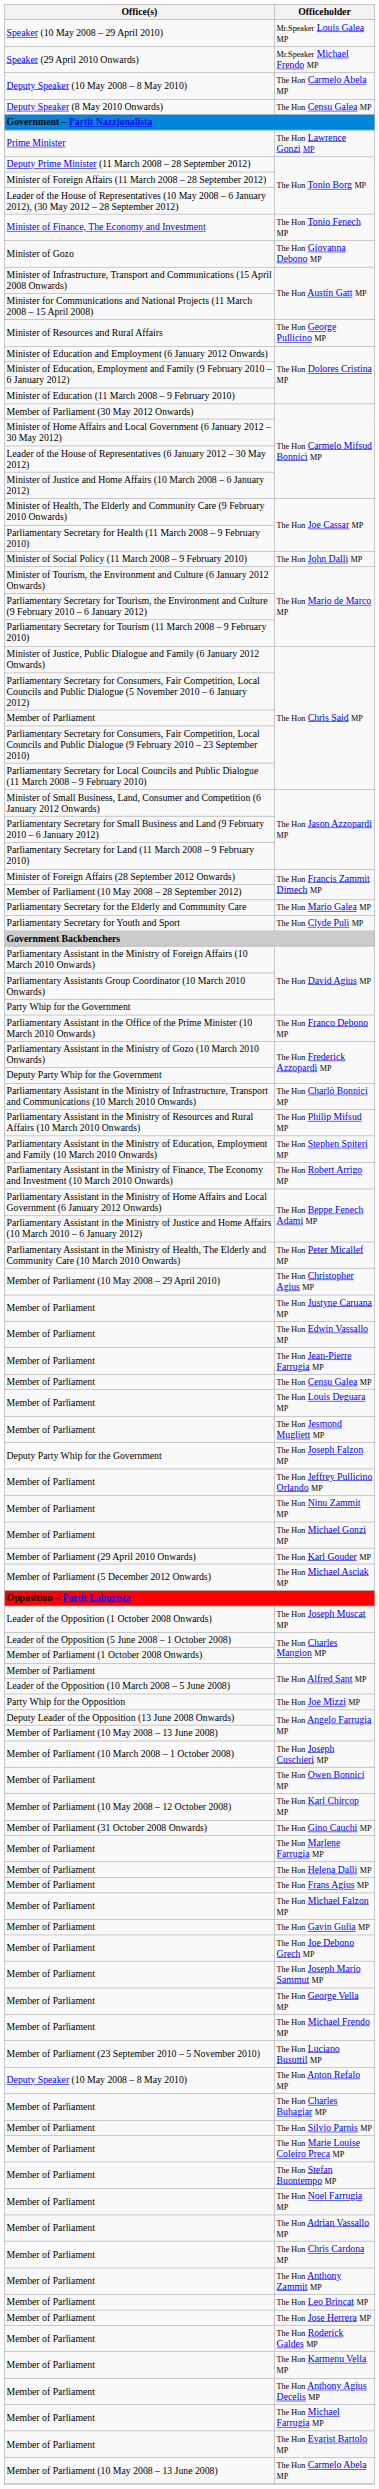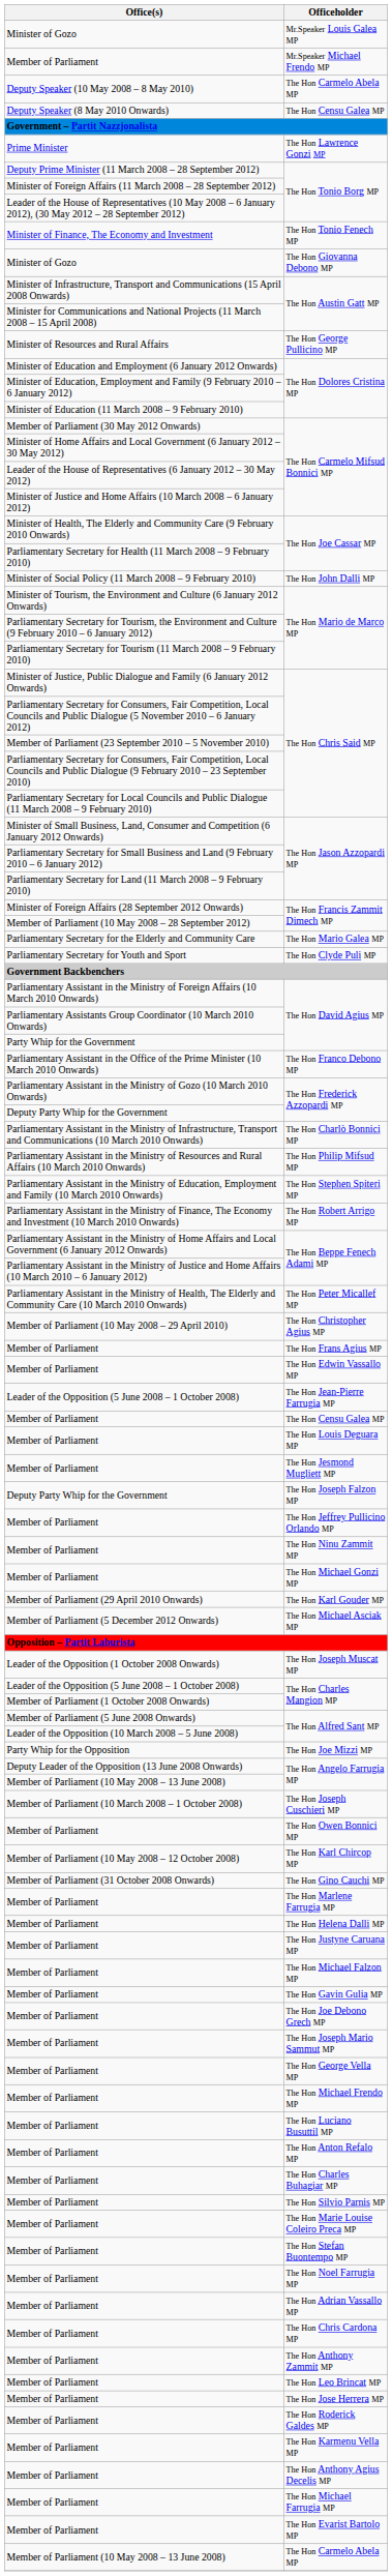 <table class="wikitable">
 <tr>
 <th>Office(s)</th>
 <th>Officeholder</th>
 </tr>
 <tr>
-<td><a href='#'>Speaker</a> (10 May 2008 – 29 April 2010)</td>
+<td>Minister of Gozo</td>
 <td rowspan="1"><small>Mr.Speaker</small> <a href='#'>Louis Galea</a> <small>MP</small></td>
 </tr>
 <tr>
-<td><a href='#'>Speaker</a> (29 April 2010 Onwards)</td>
+<td>Member of Parliament</td>
 <td rowspan="1"><small>Mr.Speaker</small> <a href='#'>Michael Frendo</a> <small>MP</small></td>
 </tr>
 <tr>
 <td><a href='#'>Deputy Speaker</a> (10 May 2008 – 8 May 2010)</td>
 <td rowspan="1"><small>The Hon</small> <a href='#'>Carmelo Abela</a> <small>MP</small></td>
 </tr>
 <tr>
 <td><a href='#'>Deputy Speaker</a> (8 May 2010 Onwards)</td>
 <td rowspan="1"><small>The Hon</small> <a href='#'>Censu Galea</a> <small>MP</small></td>
 </tr>
 <tr>
 <td style="background: #0087DC;" colspan="2"><strong>Government – <a href='#'>Partit Nazzjonalista</a></strong></td>
 </tr>
 <tr>
 <td><a href='#'>Prime Minister</a></td>
 <td rowspan="1"><small>The Hon</small> <a href='#'>Lawrence Gonzi</a> <small><a href='#'>MP</a></small></td>
 </tr>
 <tr>
 <td><a href='#'>Deputy Prime Minister</a> (11 March 2008 – 28 September 2012)</td>
 <td rowspan="3"><small>The Hon</small> <a href='#'>Tonio Borg</a> <small>MP</small></td>
 </tr>
 <tr>
 <td>Minister of Foreign Affairs (11 March 2008 – 28 September 2012)</td>
 </tr>
 <tr>
 <td>Leader of the House of Representatives (10 May 2008 – 6 January 2012), (30 May 2012 – 28 September 2012)</td>
 </tr>
 <tr>
 <td><a href='#'>Minister of Finance, The Economy and Investment</a></td>
 <td rowspan="1"><small>The Hon</small> <a href='#'>Tonio Fenech</a> <small>MP</small></td>
 </tr>
 <tr>
 <td>Minister of Gozo</td>
 <td rowspan="1"><small>The Hon</small> <a href='#'>Giovanna Debono</a> <small>MP</small></td>
 </tr>
 <tr>
 <td>Minister of Infrastructure, Transport and Communications (15 April 2008 Onwards)</td>
 <td rowspan="2"><small>The Hon</small> <a href='#'>Austin Gatt</a> <small>MP</small></td>
 </tr>
 <tr>
 <td>Minister for Communications and National Projects (11 March 2008 – 15 April 2008)</td>
 </tr>
 <tr>
 <td>Minister of Resources and Rural Affairs</td>
 <td rowspan="1"><small>The Hon</small> <a href='#'>George Pullicino</a> <small>MP</small></td>
 </tr>
 <tr>
 <td>Minister of Education and Employment (6 January 2012 Onwards)</td>
 <td rowspan="3"><small>The Hon</small> <a href='#'>Dolores Cristina</a> <small>MP</small></td>
 </tr>
 <tr>
 <td>Minister of Education, Employment and Family (9 February 2010 – 6 January 2012)</td>
 </tr>
 <tr>
 <td>Minister of Education (11 March 2008 – 9 February 2010)</td>
 </tr>
 <tr>
 <td>Member of Parliament (30 May 2012 Onwards)</td>
 <td rowspan="4"><small>The Hon</small> <a href='#'>Carmelo Mifsud Bonnici</a> <small>MP</small></td>
 </tr>
 <tr>
 <td>Minister of Home Affairs and Local Government (6 January 2012 – 30 May 2012)</td>
 </tr>
 <tr>
 <td>Leader of the House of Representatives (6 January 2012 – 30 May 2012)</td>
 </tr>
 <tr>
 <td>Minister of Justice and Home Affairs (10 March 2008 – 6 January 2012)</td>
 </tr>
 <tr>
 <td>Minister of Health, The Elderly and Community Care (9 February 2010 Onwards)</td>
 <td rowspan="2"><small>The Hon</small> <a href='#'>Joe Cassar</a> <small>MP</small></td>
 </tr>
 <tr>
 <td>Parliamentary Secretary for Health (11 March 2008 – 9 February 2010)</td>
 </tr>
 <tr>
 <td>Minister of Social Policy (11 March 2008 – 9 February 2010)</td>
 <td rowspan="1"><small>The Hon</small> <a href='#'>John Dalli</a> <small>MP</small></td>
 </tr>
 <tr>
 <td>Minister of Tourism, the Environment and Culture (6 January 2012 Onwards)</td>
 <td rowspan="3"><small>The Hon</small> <a href='#'>Mario de Marco</a> <small>MP</small></td>
 </tr>
 <tr>
 <td>Parliamentary Secretary for Tourism, the Environment and Culture (9 February 2010 – 6 January 2012)</td>
 </tr>
 <tr>
 <td>Parliamentary Secretary for Tourism (11 March 2008 – 9 February 2010)</td>
 </tr>
 <tr>
 <td>Minister of Justice, Public Dialogue and Family (6 January 2012 Onwards)</td>
 <td rowspan="5"><small>The Hon</small> <a href='#'>Chris Said</a> <small>MP</small></td>
 </tr>
 <tr>
 <td>Parliamentary Secretary for Consumers, Fair Competition, Local Councils and Public Dialogue (5 November 2010 – 6 January 2012)</td>
 </tr>
 <tr>
-<td>Member of Parliament</td>
+<td>Member of Parliament (23 September 2010 – 5 November 2010)</td>
 </tr>
 <tr>
 <td>Parliamentary Secretary for Consumers, Fair Competition, Local Councils and Public Dialogue (9 February 2010 – 23 September 2010)</td>
 </tr>
 <tr>
 <td>Parliamentary Secretary for Local Councils and Public Dialogue (11 March 2008 – 9 February 2010)</td>
 </tr>
 <tr>
 <td>Minister of Small Business, Land, Consumer and Competition (6 January 2012 Onwards)</td>
 <td rowspan="3"><small>The Hon</small> <a href='#'>Jason Azzopardi</a> <small>MP</small></td>
 </tr>
 <tr>
 <td>Parliamentary Secretary for Small Business and Land (9 February 2010 – 6 January 2012)</td>
 </tr>
 <tr>
 <td>Parliamentary Secretary for Land (11 March 2008 – 9 February 2010)</td>
 </tr>
 <tr>
 <td>Minister of Foreign Affairs (28 September 2012 Onwards)</td>
 <td rowspan="2"><small>The Hon</small> <a href='#'>Francis Zammit Dimech</a> <small>MP</small></td>
 </tr>
 <tr>
 <td>Member of Parliament (10 May 2008 – 28 September 2012)</td>
 </tr>
 <tr>
 <td>Parliamentary Secretary for the Elderly and Community Care</td>
 <td rowspan="1"><small>The Hon</small> <a href='#'>Mario Galea</a> <small>MP</small></td>
 </tr>
 <tr>
 <td>Parliamentary Secretary for Youth and Sport</td>
 <td rowspan="1"><small>The Hon</small> <a href='#'>Clyde Puli</a> <small>MP</small></td>
 </tr>
 <tr>
 <td style="background:#cccccc;" colspan="2"><strong>Government Backbenchers</strong></td>
 </tr>
 <tr>
 <td>Parliamentary Assistant in the Ministry of Foreign Affairs (10 March 2010 Onwards)</td>
 <td rowspan="3"><small>The Hon</small> <a href='#'>David Agius</a> <small>MP</small></td>
 </tr>
 <tr>
 <td>Parliamentary Assistants Group Coordinator (10 March 2010 Onwards)</td>
 </tr>
 <tr>
 <td>Party Whip for the Government</td>
 </tr>
 <tr>
 <td>Parliamentary Assistant in the Office of the Prime Minister (10 March 2010 Onwards)</td>
 <td rowspan="1"><small>The Hon</small> <a href='#'>Franco Debono</a> <small>MP</small></td>
 </tr>
 <tr>
 <td>Parliamentary Assistant in the Ministry of Gozo (10 March 2010 Onwards)</td>
 <td rowspan="2"><small>The Hon</small> <a href='#'>Frederick Azzopardi</a> <small>MP</small></td>
 </tr>
 <tr>
 <td>Deputy Party Whip for the Government</td>
 </tr>
 <tr>
 <td>Parliamentary Assistant in the Ministry of Infrastructure, Transport and Communications (10 March 2010 Onwards)</td>
 <td rowspan="1"><small>The Hon</small> <a href='#'>Charlò Bonnici</a> <small>MP</small></td>
 </tr>
 <tr>
 <td>Parliamentary Assistant in the Ministry of Resources and Rural Affairs (10 March 2010 Onwards)</td>
 <td rowspan="1"><small>The Hon</small> <a href='#'>Philip Mifsud</a> <small>MP</small></td>
 </tr>
 <tr>
 <td>Parliamentary Assistant in the Ministry of Education, Employment and Family (10 March 2010 Onwards)</td>
 <td rowspan="1"><small>The Hon</small> <a href='#'>Stephen Spiteri</a> <small>MP</small></td>
 </tr>
 <tr>
 <td>Parliamentary Assistant in the Ministry of Finance, The Economy and Investment (10 March 2010 Onwards)</td>
 <td rowspan="1"><small>The Hon</small> <a href='#'>Robert Arrigo</a> <small>MP</small></td>
 </tr>
 <tr>
 <td>Parliamentary Assistant in the Ministry of Home Affairs and Local Government (6 January 2012 Onwards)</td>
 <td rowspan="2"><small>The Hon</small> <a href='#'>Beppe Fenech Adami</a> <small>MP</small></td>
 </tr>
 <tr>
 <td>Parliamentary Assistant in the Ministry of Justice and Home Affairs (10 March 2010 – 6 January 2012)</td>
 </tr>
 <tr>
 <td>Parliamentary Assistant in the Ministry of Health, The Elderly and Community Care (10 March 2010 Onwards)</td>
 <td rowspan="1"><small>The Hon</small> <a href='#'>Peter Micallef</a> <small>MP</small></td>
 </tr>
 <tr>
 <td>Member of Parliament (10 May 2008 – 29 April 2010)</td>
 <td rowspan="1"><small>The Hon</small> <a href='#'>Christopher Agius</a> <small>MP</small></td>
 </tr>
 <tr>
 <td>Member of Parliament</td>
-<td rowspan="1"><small>The Hon</small> <a href='#'>Justyne Caruana</a> <small>MP</small></td>
+<td rowspan="1"><small>The Hon</small> <a href='#'>Frans Agius</a> <small>MP</small></td>
 </tr>
 <tr>
 <td>Member of Parliament</td>
 <td rowspan="1"><small>The Hon</small> <a href='#'>Edwin Vassallo</a> <small>MP</small></td>
 </tr>
 <tr>
-<td>Member of Parliament</td>
+<td>Leader of the Opposition (5 June 2008 – 1 October 2008)</td>
 <td rowspan="1"><small>The Hon</small> <a href='#'>Jean-Pierre Farrugia</a> <small>MP</small></td>
 </tr>
 <tr>
 <td>Member of Parliament</td>
 <td rowspan="1"><small>The Hon</small> <a href='#'>Censu Galea</a> <small>MP</small></td>
 </tr>
 <tr>
 <td>Member of Parliament</td>
 <td rowspan="1"><small>The Hon</small> <a href='#'>Louis Deguara</a> <small>MP</small></td>
 </tr>
 <tr>
 <td>Member of Parliament</td>
 <td rowspan="1"><small>The Hon</small> <a href='#'>Jesmond Mugliett</a> <small>MP</small></td>
 </tr>
 <tr>
 <td>Deputy Party Whip for the Government</td>
 <td rowspan="1"><small>The Hon</small> <a href='#'>Joseph Falzon</a> <small>MP</small></td>
 </tr>
 <tr>
 <td>Member of Parliament</td>
 <td rowspan="1"><small>The Hon</small> <a href='#'>Jeffrey Pullicino Orlando</a> <small>MP</small></td>
 </tr>
 <tr>
 <td>Member of Parliament</td>
 <td rowspan="1"><small>The Hon</small> <a href='#'>Ninu Zammit</a> <small>MP</small></td>
 </tr>
 <tr>
 <td>Member of Parliament</td>
 <td rowspan="1"><small>The Hon</small> <a href='#'>Michael Gonzi</a> <small>MP</small></td>
 </tr>
 <tr>
 <td>Member of Parliament (29 April 2010 Onwards)</td>
 <td rowspan="1"><small>The Hon</small> <a href='#'>Karl Gouder</a> <small>MP</small></td>
 </tr>
 <tr>
 <td>Member of Parliament (5 December 2012 Onwards)</td>
 <td rowspan="1"><small>The Hon</small> <a href='#'>Michael Asciak</a> <small>MP</small></td>
 </tr>
 <tr>
 <td style="background: #ff0000;" colspan="2"><strong>Opposition – <a href='#'>Partit Laburista</a></strong></td>
 </tr>
 <tr>
 <td>Leader of the Opposition (1 October 2008 Onwards)</td>
 <td rowspan="1"><small>The Hon</small> <a href='#'>Joseph Muscat</a> <small>MP</small></td>
 </tr>
 <tr>
 <td>Leader of the Opposition (5 June 2008 – 1 October 2008)</td>
 <td rowspan="2"><small>The Hon</small> <a href='#'>Charles Mangion</a> <small>MP</small></td>
 </tr>
 <tr>
 <td>Member of Parliament (1 October 2008 Onwards)</td>
 </tr>
 <tr>
-<td>Member of Parliament</td>
+<td>Member of Parliament (5 June 2008 Onwards)</td>
 <td rowspan="2"><small>The Hon</small> <a href='#'>Alfred Sant</a> <small>MP</small></td>
 </tr>
 <tr>
 <td>Leader of the Opposition (10 March 2008 – 5 June 2008)</td>
 </tr>
 <tr>
 <td>Party Whip for the Opposition</td>
 <td rowspan="1"><small>The Hon</small> <a href='#'>Joe Mizzi</a> <small>MP</small></td>
 </tr>
 <tr>
 <td>Deputy Leader of the Opposition (13 June 2008 Onwards)</td>
 <td rowspan="2"><small>The Hon</small> <a href='#'>Angelo Farrugia</a> <small>MP</small></td>
 </tr>
 <tr>
 <td>Member of Parliament (10 May 2008 – 13 June 2008)</td>
 </tr>
 <tr>
 <td>Member of Parliament (10 March 2008 – 1 October 2008)</td>
 <td rowspan="1"><small>The Hon</small> <a href='#'>Joseph Cuschieri</a> <small>MP</small></td>
 </tr>
 <tr>
 <td>Member of Parliament</td>
 <td rowspan="1"><small>The Hon</small> <a href='#'>Owen Bonnici</a> <small>MP</small></td>
 </tr>
 <tr>
 <td>Member of Parliament (10 May 2008 – 12 October 2008)</td>
 <td rowspan="1"><small>The Hon</small> <a href='#'>Karl Chircop</a> <small>MP</small></td>
 </tr>
 <tr>
 <td>Member of Parliament (31 October 2008 Onwards)</td>
 <td rowspan="1"><small>The Hon</small> <a href='#'>Gino Cauchi</a> <small>MP</small></td>
 </tr>
 <tr>
 <td>Member of Parliament</td>
 <td rowspan="1"><small>The Hon</small> <a href='#'>Marlene Farrugia</a> <small>MP</small></td>
 </tr>
 <tr>
 <td>Member of Parliament</td>
 <td rowspan="1"><small>The Hon</small> <a href='#'>Helena Dalli</a> <small>MP</small></td>
 </tr>
 <tr>
 <td>Member of Parliament</td>
-<td rowspan="1"><small>The Hon</small> <a href='#'>Frans Agius</a> <small>MP</small></td>
+<td rowspan="1"><small>The Hon</small> <a href='#'>Justyne Caruana</a> <small>MP</small></td>
 </tr>
 <tr>
 <td>Member of Parliament</td>
 <td rowspan="1"><small>The Hon</small> <a href='#'>Michael Falzon</a> <small>MP</small></td>
 </tr>
 <tr>
 <td>Member of Parliament</td>
 <td rowspan="1"><small>The Hon</small> <a href='#'>Gavin Gulia</a> <small>MP</small></td>
 </tr>
 <tr>
 <td>Member of Parliament</td>
 <td rowspan="1"><small>The Hon</small> <a href='#'>Joe Debono Grech</a> <small>MP</small></td>
 </tr>
 <tr>
 <td>Member of Parliament</td>
 <td rowspan="1"><small>The Hon</small> <a href='#'>Joseph Mario Sammut</a> <small>MP</small></td>
 </tr>
 <tr>
 <td>Member of Parliament</td>
 <td rowspan="1"><small>The Hon</small> <a href='#'>George Vella</a> <small>MP</small></td>
 </tr>
 <tr>
 <td>Member of Parliament</td>
 <td rowspan="1"><small>The Hon</small> <a href='#'>Michael Frendo</a> <small>MP</small></td>
 </tr>
 <tr>
-<td>Member of Parliament (23 September 2010 – 5 November 2010)</td>
+<td>Member of Parliament</td>
 <td rowspan="1"><small>The Hon</small> <a href='#'>Luciano Busuttil</a> <small>MP</small></td>
 </tr>
 <tr>
-<td><a href='#'>Deputy Speaker</a> (10 May 2008 – 8 May 2010)</td>
+<td>Member of Parliament</td>
 <td rowspan="1"><small>The Hon</small> <a href='#'>Anton Refalo</a> <small>MP</small></td>
 </tr>
 <tr>
 <td>Member of Parliament</td>
 <td rowspan="1"><small>The Hon</small> <a href='#'>Charles Buhagiar</a> <small>MP</small></td>
 </tr>
 <tr>
 <td>Member of Parliament</td>
 <td rowspan="1"><small>The Hon</small> <a href='#'>Silvio Parnis</a> <small>MP</small></td>
 </tr>
 <tr>
 <td>Member of Parliament</td>
 <td rowspan="1"><small>The Hon</small> <a href='#'>Marie Louise Coleiro Preca</a> <small>MP</small></td>
 </tr>
 <tr>
 <td>Member of Parliament</td>
 <td rowspan="1"><small>The Hon</small> <a href='#'>Stefan Buontempo</a> <small>MP</small></td>
 </tr>
 <tr>
 <td>Member of Parliament</td>
 <td rowspan="1"><small>The Hon</small> <a href='#'>Noel Farrugia</a> <small>MP</small></td>
 </tr>
 <tr>
 <td>Member of Parliament</td>
 <td rowspan="1"><small>The Hon</small> <a href='#'>Adrian Vassallo</a> <small>MP</small></td>
 </tr>
 <tr>
 <td>Member of Parliament</td>
 <td rowspan="1"><small>The Hon</small> <a href='#'>Chris Cardona</a> <small>MP</small></td>
 </tr>
 <tr>
 <td>Member of Parliament</td>
 <td rowspan="1"><small>The Hon</small> <a href='#'>Anthony Zammit</a> <small>MP</small></td>
 </tr>
 <tr>
 <td>Member of Parliament</td>
 <td rowspan="1"><small>The Hon</small> <a href='#'>Leo Brincat</a> <small>MP</small></td>
 </tr>
 <tr>
 <td>Member of Parliament</td>
 <td rowspan="1"><small>The Hon</small> <a href='#'>Jose Herrera</a> <small>MP</small></td>
 </tr>
 <tr>
 <td>Member of Parliament</td>
 <td rowspan="1"><small>The Hon</small> <a href='#'>Roderick Galdes</a> <small>MP</small></td>
 </tr>
 <tr>
 <td>Member of Parliament</td>
 <td rowspan="1"><small>The Hon</small> <a href='#'>Karmenu Vella</a> <small>MP</small></td>
 </tr>
 <tr>
 <td>Member of Parliament</td>
 <td rowspan="1"><small>The Hon</small> <a href='#'>Anthony Agius Decelis</a> <small>MP</small></td>
 </tr>
 <tr>
 <td>Member of Parliament</td>
 <td rowspan="1"><small>The Hon</small> <a href='#'>Michael Farrugia</a> <small>MP</small></td>
 </tr>
 <tr>
 <td>Member of Parliament</td>
 <td rowspan="1"><small>The Hon</small> <a href='#'>Evarist Bartolo</a> <small>MP</small></td>
 </tr>
 <tr>
 <td>Member of Parliament (10 May 2008 – 13 June 2008)</td>
 <td rowspan="1"><small>The Hon</small> <a href='#'>Carmelo Abela</a> <small>MP</small></td>
 </tr>
 <tr>
 </tr>
 </table>
